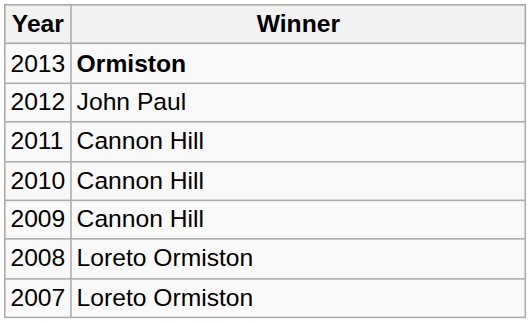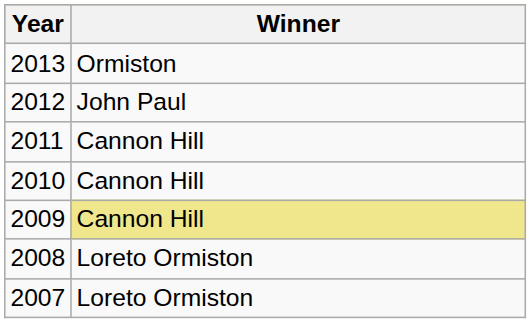 <table class="wikitable">
 <tr bgcolor=#bdb76b>
 <th style="width:2em;">Year</th>
 <th style="width:18em;">Winner</th>
 </tr>
 <tr>
 <td>2013</td>
-<td><strong>Ormiston</strong></td>
+<td>Ormiston</td>
 </tr>
 <tr>
 <td>2012</td>
 <td>John Paul</td>
 </tr>
 <tr>
 <td>2011</td>
 <td>Cannon Hill</td>
 </tr>
 <tr>
 <td>2010</td>
 <td>Cannon Hill</td>
 </tr>
 <tr>
 <td>2009</td>
-<td>Cannon Hill</td>
+<td style="background: khaki;">Cannon Hill</td>
 </tr>
 <tr>
 <td>2008</td>
 <td>Loreto Ormiston</td>
 </tr>
 <tr>
 <td>2007</td>
 <td>Loreto Ormiston</td>
 </tr>
 </table>
